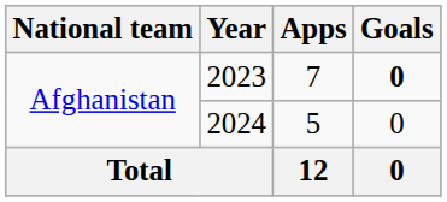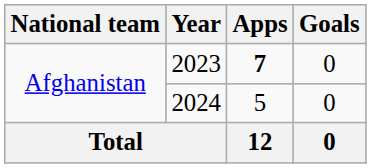 <table class="wikitable" style="text-align:center">
 <tr>
 <th>National team</th>
 <th>Year</th>
 <th>Apps</th>
 <th>Goals</th>
 </tr>
 <tr>
 <td rowspan="2"><a href='#'>Afghanistan</a></td>
 <td>2023</td>
-<td>7</td>
-<td><strong>0</strong></td>
+<td><strong>7</strong></td>
+<td>0</td>
 </tr>
 <tr>
 <td>2024</td>
 <td>5</td>
 <td>0</td>
 </tr>
 <tr>
 <th colspan="2">Total</th>
 <th>12</th>
 <th>0</th>
 </tr>
 </table>
